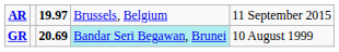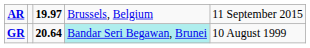 <table class="wikitable" style="font-size:95%; position:relative;">
 <tr>
 <td align=center><strong><a href='#'>AR</a></strong></td>
 <td></td>
 <td><strong>19.97</strong></td>
 <td><a href='#'>Brussels</a>, <a href='#'>Belgium</a></td>
 <td>11 September 2015</td>
 </tr>
 <tr>
 <td align=center><strong><a href='#'>GR</a></strong></td>
 <td></td>
-<td><strong>20.69</strong></td>
+<td><strong>20.64</strong></td>
 <td style="background: paleturquoise;"><a href='#'>Bandar Seri Begawan</a>, <a href='#'>Brunei</a></td>
 <td>10 August 1999</td>
 </tr>
 </table>
